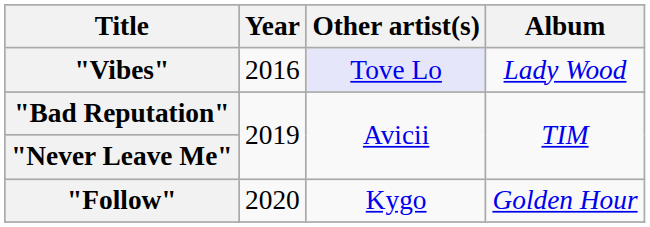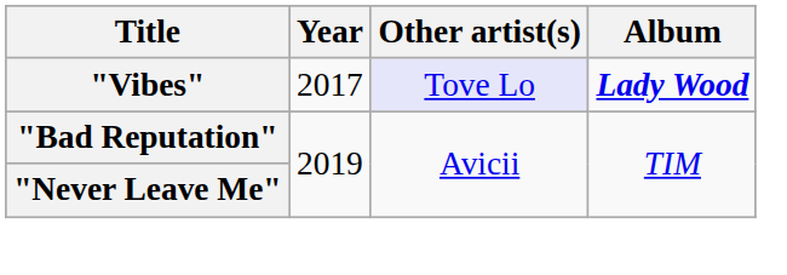 <table class="wikitable plainrowheaders" style="text-align:center;">
 <tr>
 <th scope="col">Title</th>
 <th scope="col">Year</th>
 <th scope="col">Other artist(s)</th>
 <th scope="col">Album</th>
 </tr>
 <tr>
 <th scope="row">"Vibes"</th>
-<td>2016</td>
+<td>2017</td>
 <td style="background: lavender;"><a href='#'>Tove Lo</a></td>
-<td><em><a href='#'>Lady Wood</a></em></td>
+<td><strong><em><a href='#'>Lady Wood</a></em></strong></td>
 </tr>
 <tr>
 <th scope="row">"Bad Reputation"</th>
 <td rowspan="2">2019</td>
 <td rowspan="2"><a href='#'>Avicii</a></td>
 <td rowspan="2"><em><a href='#'>TIM</a></em></td>
 </tr>
 <tr>
 <th scope="row">"Never Leave Me"</th>
 </tr>
-<tr>
-<th scope="row">"Follow"</th>
-<td>2020</td>
-<td><a href='#'>Kygo</a></td>
-<td><em><a href='#'>Golden Hour</a></em></td>
-</tr>
 </table>
